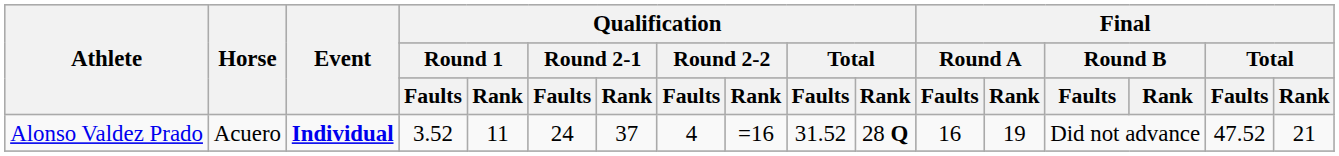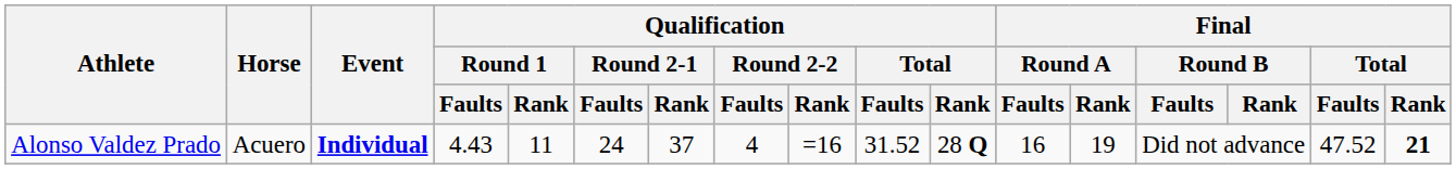 <table class=wikitable style=font-size:90%;text-align:center>
 <tr>
 <th rowspan=3>Athlete</th>
 <th rowspan=3>Horse</th>
 <th rowspan=3>Event</th>
 <th colspan=8>Qualification</th>
 <th colspan=6>Final</th>
 </tr>
 <tr style=font-size:95%>
 <th colspan=2>Round 1</th>
 <th colspan=2>Round 2-1</th>
 <th colspan=2>Round 2-2</th>
 <th colspan=2>Total</th>
 <th colspan=2>Round A</th>
 <th colspan=2>Round B</th>
 <th colspan=2>Total</th>
 </tr>
 <tr style=font-size:95%>
 <th>Faults</th>
 <th>Rank</th>
 <th>Faults</th>
 <th>Rank</th>
 <th>Faults</th>
 <th>Rank</th>
 <th>Faults</th>
 <th>Rank</th>
 <th>Faults</th>
 <th>Rank</th>
 <th>Faults</th>
 <th>Rank</th>
 <th>Faults</th>
 <th>Rank</th>
 </tr>
 <tr>
 <td align=left><a href='#'>Alonso Valdez Prado⁣</a></td>
 <td align=left>Acuero</td>
 <td align=left><strong><a href='#'>Individual</a></strong></td>
-<td>3.52</td>
+<td>4.43</td>
 <td>11</td>
 <td>24</td>
 <td>37</td>
 <td>4</td>
 <td>=16</td>
 <td>31.52</td>
 <td>28 <strong>Q</strong></td>
 <td>16</td>
 <td>19</td>
 <td colspan=2>Did not advance</td>
 <td>47.52</td>
-<td>21</td>
+<td><strong>21</strong></td>
 </tr>
 </table>
